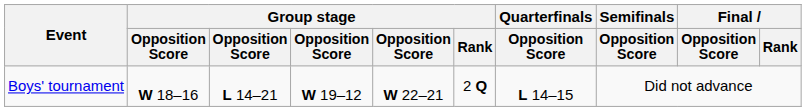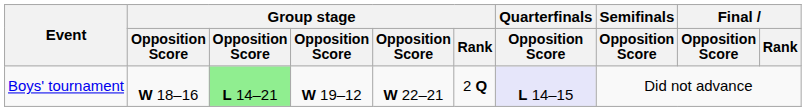 <table class="wikitable" style="text-align:center;font-size:90%">
 <tr>
 <th rowspan=2>Event</th>
 <th colspan=5>Group stage</th>
 <th>Quarterfinals</th>
 <th>Semifinals</th>
 <th colspan=2>Final / </th>
 </tr>
 <tr style="font-size:95%">
 <th>Opposition<br>Score</th>
 <th>Opposition<br>Score</th>
 <th>Opposition<br>Score</th>
 <th>Opposition<br>Score</th>
 <th>Rank</th>
 <th>Opposition<br>Score</th>
 <th>Opposition<br>Score</th>
 <th>Opposition<br>Score</th>
 <th>Rank</th>
 </tr>
 <tr>
 <td align=left><a href='#'>Boys' tournament</a></td>
 <td><br><strong>W</strong> 18–16</td>
-<td><br><strong>L</strong> 14–21</td>
+<td style="background: lightgreen;"><br><strong>L</strong> 14–21</td>
 <td><br><strong>W</strong> 19–12</td>
 <td><br><strong>W</strong> 22–21</td>
 <td>2 <strong>Q</strong></td>
-<td><br><strong>L</strong> 14–15</td>
+<td style="background: lavender;"><br><strong>L</strong> 14–15</td>
 <td colspan=3>Did not advance</td>
 </tr>
 </table>
